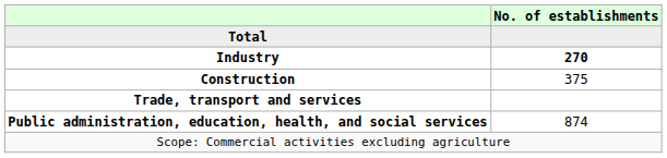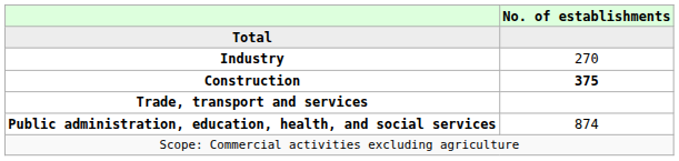 <table class="wikitable centre" style="text-align:center;">
 <tr>
 <th scope="col" style="background: #DDFFDD; color:black;"></th>
 <th scope="col" style="background: #DDFFDD; color:black;">No. of establishments</th>
 </tr>
 <tr>
 <th scope="row" style="background: #EDEDED; color:black;">Total</th>
 <td style="background: #EDEDED; color:black;"><strong></strong></td>
 </tr>
 <tr>
 <th scope="row" style="background: #FFFFFF; color:black;">Industry</th>
-<td style="background: #FFFFFF; color:black;"><strong>270</strong></td>
+<td style="background: #FFFFFF; color:black;">270</td>
 </tr>
 <tr>
 <th scope="row" style="background: #FFFFFF; color:black;">Construction</th>
-<td style="background: #FFFFFF; color:black;">375</td>
+<td style="background: #FFFFFF; color:black;"><strong>375</strong></td>
 </tr>
 <tr>
 <th scope="row" style="background: #FFFFFF; color:black;">Trade, transport and services</th>
 <td style="background: #FFFFFF; color:black;"></td>
 </tr>
 <tr>
 <th scope="row" style="background: #FFFFFF; color:black;">Public administration, education, health, and social services</th>
 <td style="background: #FFFFFF; color:black;">874</td>
 </tr>
 <tr>
 <td colspan="7" style="text-align:center;font-size:90%;">Scope: Commercial activities excluding agriculture</td>
 </tr>
 </table>
